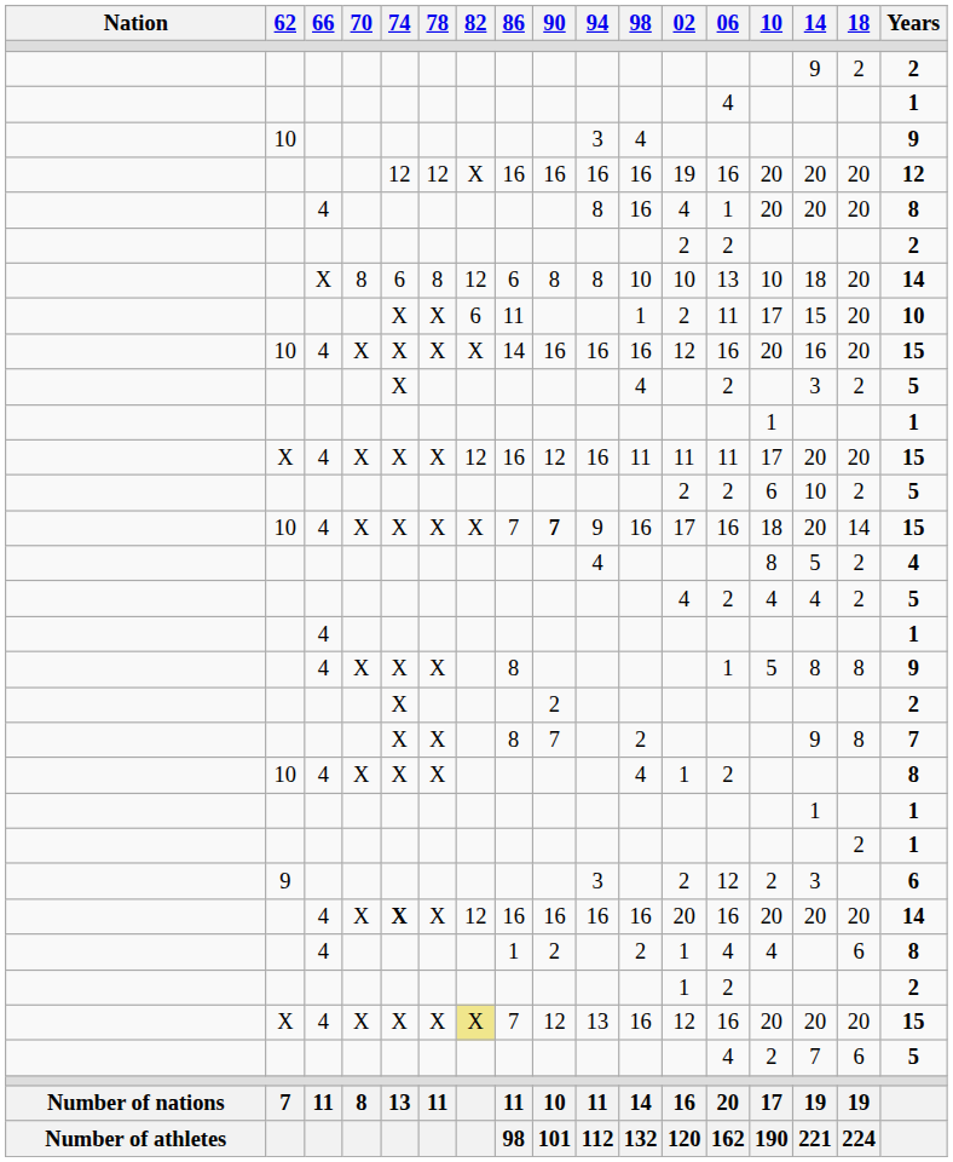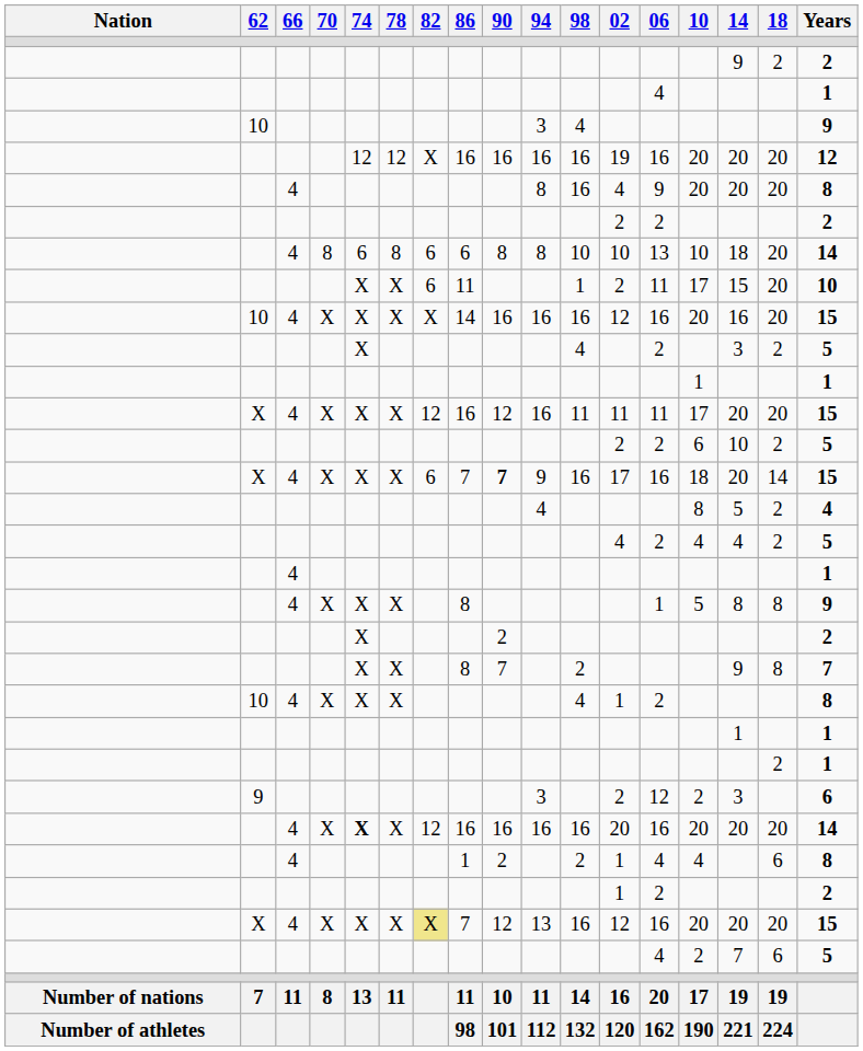 <table class="wikitable" style="text-align:center;">
 <tr>
 <th width=180>Nation</th>
 <th width=20><a href='#'>62</a></th>
 <th width=20><a href='#'>66</a></th>
 <th width=20><a href='#'>70</a></th>
 <th width=20><a href='#'>74</a></th>
 <th width=20><a href='#'>78</a></th>
 <th width=20><a href='#'>82</a></th>
 <th width=20><a href='#'>86</a></th>
 <th width=20><a href='#'>90</a></th>
 <th width=20><a href='#'>94</a></th>
 <th width=20><a href='#'>98</a></th>
 <th width=20><a href='#'>02</a></th>
 <th width=20><a href='#'>06</a></th>
 <th width=20><a href='#'>10</a></th>
 <th width=20><a href='#'>14</a></th>
 <th width=20><a href='#'>18</a></th>
 <th width=40>Years</th>
 </tr>
 <tr bgcolor=#DDDDDD>
 <td colspan=17></td>
 </tr>
 <tr>
 <td align=left></td>
 <td></td>
 <td></td>
 <td></td>
 <td></td>
 <td></td>
 <td></td>
 <td></td>
 <td></td>
 <td></td>
 <td></td>
 <td></td>
 <td></td>
 <td></td>
 <td>9</td>
 <td>2</td>
 <td><strong>2</strong></td>
 </tr>
 <tr>
 <td align=left></td>
 <td></td>
 <td></td>
 <td></td>
 <td></td>
 <td></td>
 <td></td>
 <td></td>
 <td></td>
 <td></td>
 <td></td>
 <td></td>
 <td>4</td>
 <td></td>
 <td></td>
 <td></td>
 <td><strong>1</strong></td>
 </tr>
 <tr>
 <td align=left></td>
 <td>10</td>
 <td></td>
 <td></td>
 <td></td>
 <td></td>
 <td></td>
 <td></td>
 <td></td>
 <td>3</td>
 <td>4</td>
 <td></td>
 <td></td>
 <td></td>
 <td></td>
 <td></td>
 <td><strong>9</strong></td>
 </tr>
 <tr>
 <td align=left></td>
 <td></td>
 <td></td>
 <td></td>
 <td>12</td>
 <td>12</td>
 <td>X</td>
 <td>16</td>
 <td>16</td>
 <td>16</td>
 <td>16</td>
 <td>19</td>
 <td>16</td>
 <td>20</td>
 <td>20</td>
 <td>20</td>
 <td><strong>12</strong></td>
 </tr>
 <tr>
 <td align=left></td>
 <td></td>
 <td>4</td>
 <td></td>
 <td></td>
 <td></td>
 <td></td>
 <td></td>
 <td></td>
 <td>8</td>
 <td>16</td>
 <td>4</td>
-<td>1</td>
+<td>9</td>
 <td>20</td>
 <td>20</td>
 <td>20</td>
 <td><strong>8</strong></td>
 </tr>
 <tr>
 <td align=left></td>
 <td></td>
 <td></td>
 <td></td>
 <td></td>
 <td></td>
 <td></td>
 <td></td>
 <td></td>
 <td></td>
 <td></td>
 <td>2</td>
 <td>2</td>
 <td></td>
 <td></td>
 <td></td>
 <td><strong>2</strong></td>
 </tr>
 <tr>
 <td align=left></td>
 <td></td>
-<td>X</td>
+<td>4</td>
 <td>8</td>
 <td>6</td>
 <td>8</td>
-<td>12</td>
+<td>6</td>
 <td>6</td>
 <td>8</td>
 <td>8</td>
 <td>10</td>
 <td>10</td>
 <td>13</td>
 <td>10</td>
 <td>18</td>
 <td>20</td>
 <td><strong>14</strong></td>
 </tr>
 <tr>
 <td align=left></td>
 <td></td>
 <td></td>
 <td></td>
 <td>X</td>
 <td>X</td>
 <td>6</td>
 <td>11</td>
 <td></td>
 <td></td>
 <td>1</td>
 <td>2</td>
 <td>11</td>
 <td>17</td>
 <td>15</td>
 <td>20</td>
 <td><strong>10</strong></td>
 </tr>
 <tr>
 <td align=left></td>
 <td>10</td>
 <td>4</td>
 <td>X</td>
 <td>X</td>
 <td>X</td>
 <td>X</td>
 <td>14</td>
 <td>16</td>
 <td>16</td>
 <td>16</td>
 <td>12</td>
 <td>16</td>
 <td>20</td>
 <td>16</td>
 <td>20</td>
 <td><strong>15</strong></td>
 </tr>
 <tr>
 <td align=left></td>
 <td></td>
 <td></td>
 <td></td>
 <td>X</td>
 <td></td>
 <td></td>
 <td></td>
 <td></td>
 <td></td>
 <td>4</td>
 <td></td>
 <td>2</td>
 <td></td>
 <td>3</td>
 <td>2</td>
 <td><strong>5</strong></td>
 </tr>
 <tr>
 <td align=left></td>
 <td></td>
 <td></td>
 <td></td>
 <td></td>
 <td></td>
 <td></td>
 <td></td>
 <td></td>
 <td></td>
 <td></td>
 <td></td>
 <td></td>
 <td>1</td>
 <td></td>
 <td></td>
 <td><strong>1</strong></td>
 </tr>
 <tr>
 <td align=left></td>
 <td>X</td>
 <td>4</td>
 <td>X</td>
 <td>X</td>
 <td>X</td>
 <td>12</td>
 <td>16</td>
 <td>12</td>
 <td>16</td>
 <td>11</td>
 <td>11</td>
 <td>11</td>
 <td>17</td>
 <td>20</td>
 <td>20</td>
 <td><strong>15</strong></td>
 </tr>
 <tr>
 <td align=left></td>
 <td></td>
 <td></td>
 <td></td>
 <td></td>
 <td></td>
 <td></td>
 <td></td>
 <td></td>
 <td></td>
 <td></td>
 <td>2</td>
 <td>2</td>
 <td>6</td>
 <td>10</td>
 <td>2</td>
 <td><strong>5</strong></td>
 </tr>
 <tr>
 <td align=left></td>
-<td>10</td>
+<td>X</td>
 <td>4</td>
 <td>X</td>
 <td>X</td>
 <td>X</td>
-<td>X</td>
+<td>6</td>
 <td>7</td>
 <td><strong>7</strong></td>
 <td>9</td>
 <td>16</td>
 <td>17</td>
 <td>16</td>
 <td>18</td>
 <td>20</td>
 <td>14</td>
 <td><strong>15</strong></td>
 </tr>
 <tr>
 <td align=left></td>
 <td></td>
 <td></td>
 <td></td>
 <td></td>
 <td></td>
 <td></td>
 <td></td>
 <td></td>
 <td>4</td>
 <td></td>
 <td></td>
 <td></td>
 <td>8</td>
 <td>5</td>
 <td>2</td>
 <td><strong>4</strong></td>
 </tr>
 <tr>
 <td align=left></td>
 <td></td>
 <td></td>
 <td></td>
 <td></td>
 <td></td>
 <td></td>
 <td></td>
 <td></td>
 <td></td>
 <td></td>
 <td>4</td>
 <td>2</td>
 <td>4</td>
 <td>4</td>
 <td>2</td>
 <td><strong>5</strong></td>
 </tr>
 <tr>
 <td align=left></td>
 <td></td>
 <td>4</td>
 <td></td>
 <td></td>
 <td></td>
 <td></td>
 <td></td>
 <td></td>
 <td></td>
 <td></td>
 <td></td>
 <td></td>
 <td></td>
 <td></td>
 <td></td>
 <td><strong>1</strong></td>
 </tr>
 <tr>
 <td align=left></td>
 <td></td>
 <td>4</td>
 <td>X</td>
 <td>X</td>
 <td>X</td>
 <td></td>
 <td>8</td>
 <td></td>
 <td></td>
 <td></td>
 <td></td>
 <td>1</td>
 <td>5</td>
 <td>8</td>
 <td>8</td>
 <td><strong>9</strong></td>
 </tr>
 <tr>
 <td align=left></td>
 <td></td>
 <td></td>
 <td></td>
 <td>X</td>
 <td></td>
 <td></td>
 <td></td>
 <td>2</td>
 <td></td>
 <td></td>
 <td></td>
 <td></td>
 <td></td>
 <td></td>
 <td></td>
 <td><strong>2</strong></td>
 </tr>
 <tr>
 <td align=left></td>
 <td></td>
 <td></td>
 <td></td>
 <td>X</td>
 <td>X</td>
 <td></td>
 <td>8</td>
 <td>7</td>
 <td></td>
 <td>2</td>
 <td></td>
 <td></td>
 <td></td>
 <td>9</td>
 <td>8</td>
 <td><strong>7</strong></td>
 </tr>
 <tr>
 <td align=left></td>
 <td>10</td>
 <td>4</td>
 <td>X</td>
 <td>X</td>
 <td>X</td>
 <td></td>
 <td></td>
 <td></td>
 <td></td>
 <td>4</td>
 <td>1</td>
 <td>2</td>
 <td></td>
 <td></td>
 <td></td>
 <td><strong>8</strong></td>
 </tr>
 <tr>
 <td align=left></td>
 <td></td>
 <td></td>
 <td></td>
 <td></td>
 <td></td>
 <td></td>
 <td></td>
 <td></td>
 <td></td>
 <td></td>
 <td></td>
 <td></td>
 <td></td>
 <td>1</td>
 <td></td>
 <td><strong>1</strong></td>
 </tr>
 <tr>
 <td align=left></td>
 <td></td>
 <td></td>
 <td></td>
 <td></td>
 <td></td>
 <td></td>
 <td></td>
 <td></td>
 <td></td>
 <td></td>
 <td></td>
 <td></td>
 <td></td>
 <td></td>
 <td>2</td>
 <td><strong>1</strong></td>
 </tr>
 <tr>
 <td align=left></td>
 <td>9</td>
 <td></td>
 <td></td>
 <td></td>
 <td></td>
 <td></td>
 <td></td>
 <td></td>
 <td>3</td>
 <td></td>
 <td>2</td>
 <td>12</td>
 <td>2</td>
 <td>3</td>
 <td></td>
 <td><strong>6</strong></td>
 </tr>
 <tr>
 <td align=left></td>
 <td></td>
 <td>4</td>
 <td>X</td>
 <td><strong>X</strong></td>
 <td>X</td>
 <td>12</td>
 <td>16</td>
 <td>16</td>
 <td>16</td>
 <td>16</td>
 <td>20</td>
 <td>16</td>
 <td>20</td>
 <td>20</td>
 <td>20</td>
 <td><strong>14</strong></td>
 </tr>
 <tr>
 <td align=left></td>
 <td></td>
 <td>4</td>
 <td></td>
 <td></td>
 <td></td>
 <td></td>
 <td>1</td>
 <td>2</td>
 <td></td>
 <td>2</td>
 <td>1</td>
 <td>4</td>
 <td>4</td>
 <td></td>
 <td>6</td>
 <td><strong>8</strong></td>
 </tr>
 <tr>
 <td align=left></td>
 <td></td>
 <td></td>
 <td></td>
 <td></td>
 <td></td>
 <td></td>
 <td></td>
 <td></td>
 <td></td>
 <td></td>
 <td>1</td>
 <td>2</td>
 <td></td>
 <td></td>
 <td></td>
 <td><strong>2</strong></td>
 </tr>
 <tr>
 <td align=left></td>
 <td>X</td>
 <td>4</td>
 <td>X</td>
 <td>X</td>
 <td>X</td>
 <td style="background: khaki;">X</td>
 <td>7</td>
 <td>12</td>
 <td>13</td>
 <td>16</td>
 <td>12</td>
 <td>16</td>
 <td>20</td>
 <td>20</td>
 <td>20</td>
 <td><strong>15</strong></td>
 </tr>
 <tr>
 <td align=left></td>
 <td></td>
 <td></td>
 <td></td>
 <td></td>
 <td></td>
 <td></td>
 <td></td>
 <td></td>
 <td></td>
 <td></td>
 <td></td>
 <td>4</td>
 <td>2</td>
 <td>7</td>
 <td>6</td>
 <td><strong>5</strong></td>
 </tr>
 <tr bgcolor=#DDDDDD>
 <td colspan=17></td>
 </tr>
 <tr>
 <th>Number of nations</th>
 <th>7</th>
 <th>11</th>
 <th>8</th>
 <th>13</th>
 <th>11</th>
 <th></th>
 <th>11</th>
 <th>10</th>
 <th>11</th>
 <th>14</th>
 <th>16</th>
 <th>20</th>
 <th>17</th>
 <th>19</th>
 <th>19</th>
 <th></th>
 </tr>
 <tr>
 <th>Number of athletes</th>
 <th></th>
 <th></th>
 <th></th>
 <th></th>
 <th></th>
 <th></th>
 <th>98</th>
 <th>101</th>
 <th>112</th>
 <th>132</th>
 <th>120</th>
 <th>162</th>
 <th>190</th>
 <th>221</th>
 <th>224</th>
 <th></th>
 </tr>
 </table>
